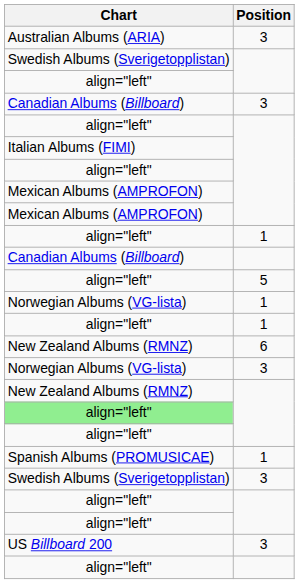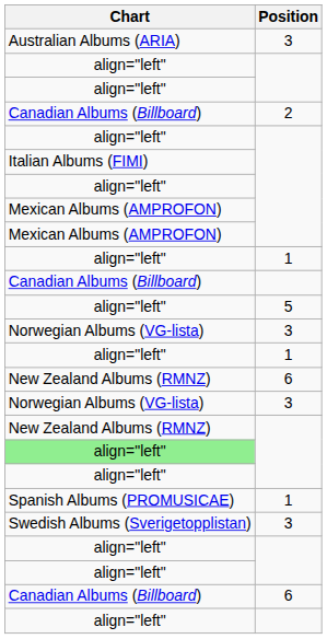 <table class="wikitable sortable plainrowheaders" style="text-align:center;">
 <tr>
 <th>Chart</th>
 <th>Position</th>
 </tr>
 <tr>
 <td align="left">Australian Albums (<a href='#'>ARIA</a>)</td>
 <td>3</td>
 </tr>
 <tr>
-<td align="left">Swedish Albums (<a href='#'>Sverigetopplistan</a>)</td>
+<td>align="left" </td>
 </tr>
 <tr>
 <td>align="left" </td>
 </tr>
 <tr>
 <td align="left"><a href='#'>Canadian Albums</a> (<em><a href='#'>Billboard</a></em>)</td>
-<td>3</td>
+<td>2</td>
 </tr>
 <tr>
 <td>align="left" </td>
 </tr>
 <tr>
 <td align="left">Italian Albums (<a href='#'>FIMI</a>)</td>
 </tr>
 <tr>
 <td>align="left" </td>
 </tr>
 <tr>
 <td align="left">Mexican Albums (<a href='#'>AMPROFON</a>)</td>
 </tr>
 <tr>
 <td align="left">Mexican Albums (<a href='#'>AMPROFON</a>)</td>
 </tr>
 <tr>
 <td>align="left" </td>
 <td>1</td>
 </tr>
 <tr>
 <td align="left"><a href='#'>Canadian Albums</a> (<em><a href='#'>Billboard</a></em>)</td>
 </tr>
 <tr>
 <td>align="left" </td>
 <td>5</td>
 </tr>
 <tr>
 <td align="left">Norwegian Albums (<a href='#'>VG-lista</a>)</td>
-<td>1</td>
+<td>3</td>
 </tr>
 <tr>
 <td>align="left" </td>
 <td>1</td>
 </tr>
 <tr>
 <td align="left">New Zealand Albums (<a href='#'>RMNZ</a>)</td>
 <td>6</td>
 </tr>
 <tr>
 <td align="left">Norwegian Albums (<a href='#'>VG-lista</a>)</td>
 <td>3</td>
 </tr>
 <tr>
 <td align="left">New Zealand Albums (<a href='#'>RMNZ</a>)</td>
 </tr>
 <tr>
 <td style="background: lightgreen;">align="left" </td>
 </tr>
 <tr>
 <td>align="left" </td>
 </tr>
 <tr>
 <td align="left">Spanish Albums (<a href='#'>PROMUSICAE</a>)</td>
 <td>1</td>
 </tr>
 <tr>
 <td align="left">Swedish Albums (<a href='#'>Sverigetopplistan</a>)</td>
 <td>3</td>
 </tr>
 <tr>
 <td>align="left" </td>
 </tr>
 <tr>
 <td>align="left" </td>
 </tr>
 <tr>
-<td align="left">US <a href='#'><em>Billboard</em> 200</a></td>
-<td>3</td>
+<td align="left"><a href='#'>Canadian Albums</a> (<em><a href='#'>Billboard</a></em>)</td>
+<td>6</td>
 </tr>
 <tr>
 <td>align="left" </td>
 </tr>
 </table>
